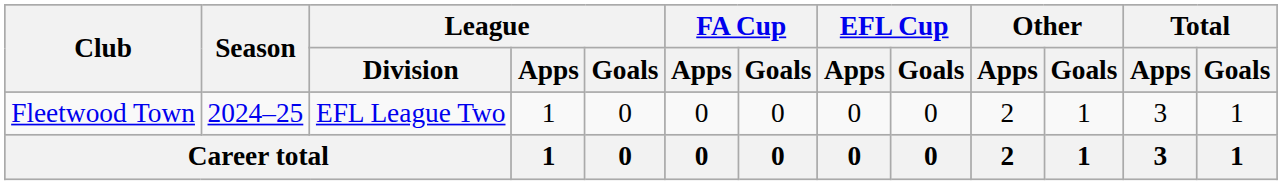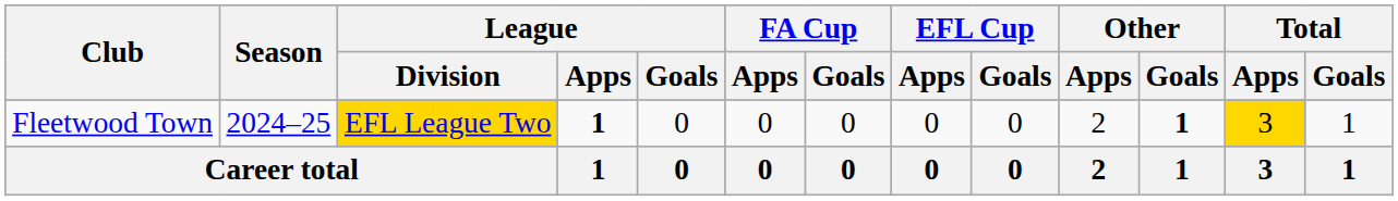 <table class="wikitable" style="text-align:center;">
 <tr>
 <th rowspan="2">Club</th>
 <th rowspan="2">Season</th>
 <th colspan="3">League</th>
 <th colspan="2"><a href='#'>FA Cup</a></th>
 <th colspan="2"><a href='#'>EFL Cup</a></th>
 <th colspan="2">Other</th>
 <th colspan="2">Total</th>
 </tr>
 <tr>
 <th>Division</th>
 <th>Apps</th>
 <th>Goals</th>
 <th>Apps</th>
 <th>Goals</th>
 <th>Apps</th>
 <th>Goals</th>
 <th>Apps</th>
 <th>Goals</th>
 <th>Apps</th>
 <th>Goals</th>
 </tr>
 <tr>
 <td><a href='#'>Fleetwood Town</a></td>
 <td><a href='#'>2024–25</a></td>
-<td><a href='#'>EFL League Two</a></td>
-<td>1</td>
+<td style="background: gold;"><a href='#'>EFL League Two</a></td>
+<td><strong>1</strong></td>
 <td>0</td>
 <td>0</td>
 <td>0</td>
 <td>0</td>
 <td>0</td>
 <td>2</td>
-<td>1</td>
-<td>3</td>
+<td><strong>1</strong></td>
+<td style="background: gold;">3</td>
 <td>1</td>
 </tr>
 <tr>
 <th colspan="3">Career total</th>
 <th>1</th>
 <th>0</th>
 <th>0</th>
 <th>0</th>
 <th>0</th>
 <th>0</th>
 <th>2</th>
 <th>1</th>
 <th>3</th>
 <th>1</th>
 </tr>
 </table>
